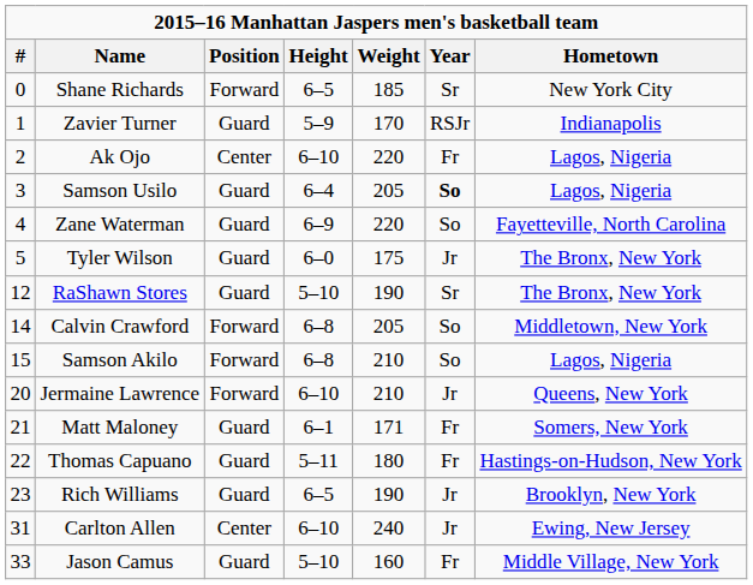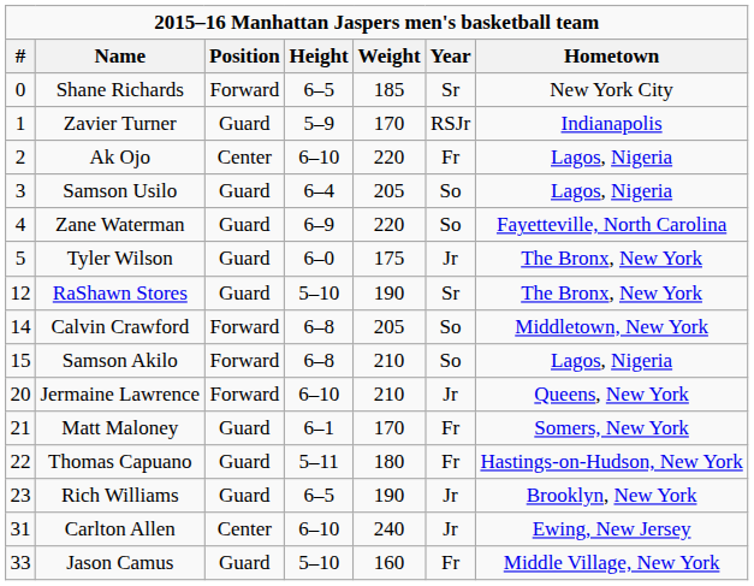 <table class="wikitable sortable" style="font-size: 95%; text-align:center;">
 <tr>
 <td colspan="7"><strong>2015–16 Manhattan Jaspers men's basketball team</strong></td>
 </tr>
 <tr>
 <th>#</th>
 <th>Name</th>
 <th>Position</th>
 <th>Height</th>
 <th>Weight</th>
 <th>Year</th>
 <th>Hometown</th>
 </tr>
 <tr>
 <td>0</td>
 <td>Shane Richards</td>
 <td>Forward</td>
 <td>6–5</td>
 <td>185</td>
 <td>Sr</td>
 <td>New York City</td>
 </tr>
 <tr>
 <td>1</td>
 <td>Zavier Turner</td>
 <td>Guard</td>
 <td>5–9</td>
 <td>170</td>
 <td>RSJr</td>
 <td><a href='#'>Indianapolis</a></td>
 </tr>
 <tr>
 <td>2</td>
 <td>Ak Ojo</td>
 <td>Center</td>
 <td>6–10</td>
 <td>220</td>
 <td>Fr</td>
 <td><a href='#'>Lagos</a>, <a href='#'>Nigeria</a></td>
 </tr>
 <tr>
 <td>3</td>
 <td>Samson Usilo</td>
 <td>Guard</td>
 <td>6–4</td>
 <td>205</td>
-<td><strong>So</strong></td>
+<td>So</td>
 <td><a href='#'>Lagos</a>, <a href='#'>Nigeria</a></td>
 </tr>
 <tr>
 <td>4</td>
 <td>Zane Waterman</td>
 <td>Guard</td>
 <td>6–9</td>
 <td>220</td>
 <td>So</td>
 <td><a href='#'>Fayetteville, North Carolina</a></td>
 </tr>
 <tr>
 <td>5</td>
 <td>Tyler Wilson</td>
 <td>Guard</td>
 <td>6–0</td>
 <td>175</td>
 <td>Jr</td>
 <td><a href='#'>The Bronx</a>, <a href='#'>New York</a></td>
 </tr>
 <tr>
 <td>12</td>
 <td><a href='#'>RaShawn Stores</a></td>
 <td>Guard</td>
 <td>5–10</td>
 <td>190</td>
 <td>Sr</td>
 <td><a href='#'>The Bronx</a>, <a href='#'>New York</a></td>
 </tr>
 <tr>
 <td>14</td>
 <td>Calvin Crawford</td>
 <td>Forward</td>
 <td>6–8</td>
 <td>205</td>
 <td>So</td>
 <td><a href='#'>Middletown, New York</a></td>
 </tr>
 <tr>
 <td>15</td>
 <td>Samson Akilo</td>
 <td>Forward</td>
 <td>6–8</td>
 <td>210</td>
 <td>So</td>
 <td><a href='#'>Lagos</a>, <a href='#'>Nigeria</a></td>
 </tr>
 <tr>
 <td>20</td>
 <td>Jermaine Lawrence</td>
 <td>Forward</td>
 <td>6–10</td>
 <td>210</td>
 <td>Jr</td>
 <td><a href='#'>Queens</a>, <a href='#'>New York</a></td>
 </tr>
 <tr>
 <td>21</td>
 <td>Matt Maloney</td>
 <td>Guard</td>
 <td>6–1</td>
-<td>171</td>
+<td>170</td>
 <td>Fr</td>
 <td><a href='#'>Somers, New York</a></td>
 </tr>
 <tr>
 <td>22</td>
 <td>Thomas Capuano</td>
 <td>Guard</td>
 <td>5–11</td>
 <td>180</td>
 <td>Fr</td>
 <td><a href='#'>Hastings-on-Hudson, New York</a></td>
 </tr>
 <tr>
 <td>23</td>
 <td>Rich Williams</td>
 <td>Guard</td>
 <td>6–5</td>
 <td>190</td>
 <td>Jr</td>
 <td><a href='#'>Brooklyn</a>, <a href='#'>New York</a></td>
 </tr>
 <tr>
 <td>31</td>
 <td>Carlton Allen</td>
 <td>Center</td>
 <td>6–10</td>
 <td>240</td>
 <td>Jr</td>
 <td><a href='#'>Ewing, New Jersey</a></td>
 </tr>
 <tr>
 <td>33</td>
 <td>Jason Camus</td>
 <td>Guard</td>
 <td>5–10</td>
 <td>160</td>
 <td>Fr</td>
 <td><a href='#'>Middle Village, New York</a></td>
 </tr>
 </table>
